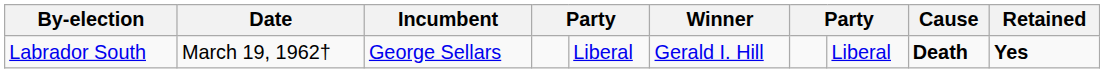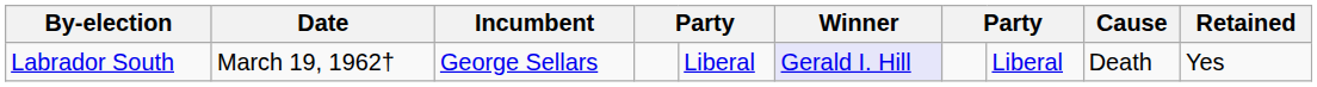 <table class=wikitable style="width:100%">
 <tr>
 <th>By-election</th>
 <th>Date</th>
 <th>Incumbent</th>
 <th colspan=2>Party</th>
 <th>Winner</th>
 <th colspan=2>Party</th>
 <th>Cause</th>
 <th>Retained</th>
 </tr>
 <tr>
 <td><a href='#'>Labrador South</a></td>
 <td>March 19, 1962†</td>
 <td><a href='#'>George Sellars</a></td>
 <td>    </td>
 <td><a href='#'>Liberal</a></td>
-<td><a href='#'>Gerald I. Hill</a></td>
+<td style="background: lavender;"><a href='#'>Gerald I. Hill</a></td>
 <td>    </td>
 <td><a href='#'>Liberal</a></td>
-<td><strong>Death</strong></td>
-<td><strong>Yes</strong></td>
+<td>Death</td>
+<td>Yes</td>
 </tr>
 </table>
